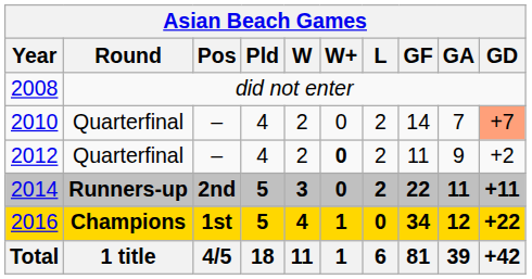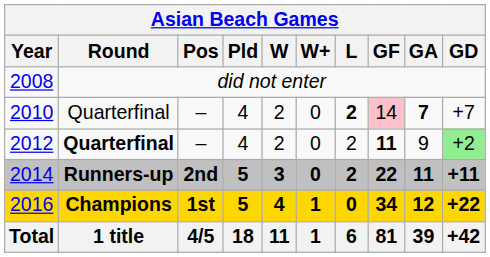 <table class="wikitable" style="text-align: center;">
 <tr>
 <th colspan=10><a href='#'>Asian Beach Games</a></th>
 </tr>
 <tr>
 <th>Year</th>
 <th>Round</th>
 <th width=20>Pos</th>
 <th width=20>Pld</th>
 <th width=20>W</th>
 <th width=20>W+</th>
 <th width=20>L</th>
 <th width=20>GF</th>
 <th width=20>GA</th>
 <th width=20>GD</th>
 </tr>
 <tr>
 <td> <a href='#'>2008</a></td>
 <td colspan=9><em>did not enter</em></td>
 </tr>
 <tr>
 <td> <a href='#'>2010</a></td>
 <td>Quarterfinal</td>
 <td>–</td>
 <td>4</td>
 <td>2</td>
 <td>0</td>
-<td>2</td>
-<td>14</td>
-<td>7</td>
-<td style="background: lightsalmon;">+7</td>
+<td><strong>2</strong></td>
+<td style="background: pink;">14</td>
+<td><strong>7</strong></td>
+<td>+7</td>
 </tr>
 <tr>
 <td> <a href='#'>2012</a></td>
-<td>Quarterfinal</td>
+<td><strong>Quarterfinal</strong></td>
 <td>–</td>
 <td>4</td>
 <td>2</td>
-<td><strong>0</strong></td>
+<td>0</td>
 <td>2</td>
-<td>11</td>
+<td><strong>11</strong></td>
 <td>9</td>
-<td>+2</td>
+<td style="background: lightgreen;">+2</td>
 </tr>
 <tr bgcolor=silver>
 <td> <a href='#'>2014</a></td>
 <td><strong>Runners-up</strong></td>
 <td><strong>2nd</strong></td>
 <td><strong>5</strong></td>
 <td><strong>3</strong></td>
 <td><strong>0</strong></td>
 <td><strong>2</strong></td>
 <td><strong>22</strong></td>
 <td><strong>11</strong></td>
 <td><strong>+11</strong></td>
 </tr>
 <tr bgcolor=gold>
 <td> <a href='#'>2016</a></td>
 <td><strong>Champions</strong></td>
 <td><strong>1st</strong></td>
 <td><strong>5</strong></td>
 <td><strong>4</strong></td>
 <td><strong>1</strong></td>
 <td><strong>0</strong></td>
 <td><strong>34</strong></td>
 <td><strong>12</strong></td>
 <td><strong>+22</strong></td>
 </tr>
 <tr>
 <th>Total</th>
 <th>1 title</th>
 <th>4/5</th>
 <th>18</th>
 <th>11</th>
 <th>1</th>
 <th>6</th>
 <th>81</th>
 <th>39</th>
 <th>+42</th>
 </tr>
 </table>
